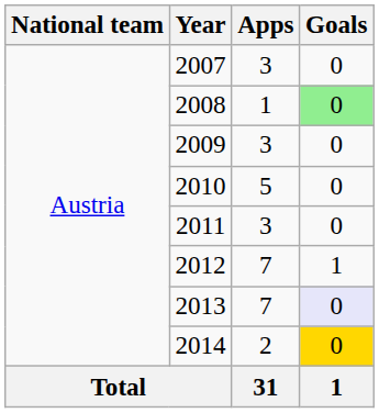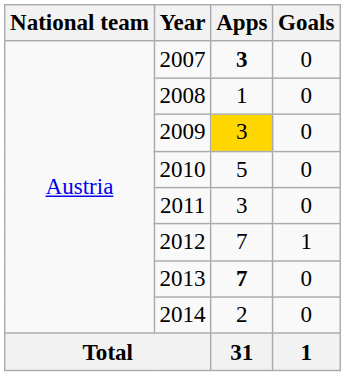 <table class="wikitable" style="text-align:center">
 <tr>
 <th>National team</th>
 <th>Year</th>
 <th>Apps</th>
 <th>Goals</th>
 </tr>
 <tr>
 <td rowspan="8"><a href='#'>Austria</a></td>
 <td>2007</td>
-<td>3</td>
+<td><strong>3</strong></td>
 <td>0</td>
 </tr>
 <tr>
 <td>2008</td>
 <td>1</td>
-<td style="background: lightgreen;">0</td>
+<td>0</td>
 </tr>
 <tr>
 <td>2009</td>
-<td>3</td>
+<td style="background: gold;">3</td>
 <td>0</td>
 </tr>
 <tr>
 <td>2010</td>
 <td>5</td>
 <td>0</td>
 </tr>
 <tr>
 <td>2011</td>
 <td>3</td>
 <td>0</td>
 </tr>
 <tr>
 <td>2012</td>
 <td>7</td>
 <td>1</td>
 </tr>
 <tr>
 <td>2013</td>
-<td>7</td>
-<td style="background: lavender;">0</td>
+<td><strong>7</strong></td>
+<td>0</td>
 </tr>
 <tr>
 <td>2014</td>
 <td>2</td>
-<td style="background: gold;">0</td>
+<td>0</td>
 </tr>
 <tr>
 <th colspan="2">Total</th>
 <th>31</th>
 <th>1</th>
 </tr>
 </table>
